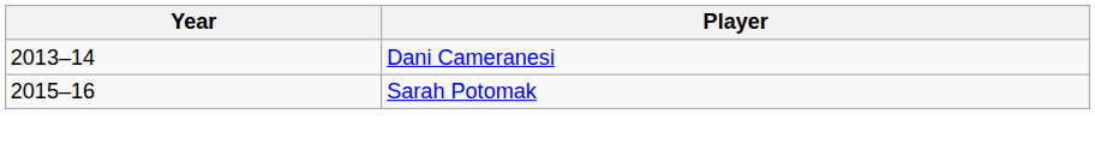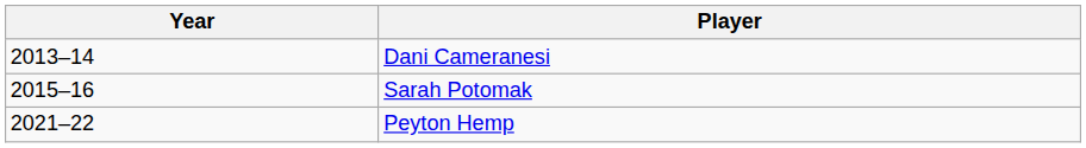 <table class="wikitable" style="width: 50em">
 <tr>
 <th>Year</th>
 <th>Player</th>
 </tr>
 <tr>
 <td>2013–14</td>
 <td><a href='#'>Dani Cameranesi</a></td>
 </tr>
 <tr>
 <td>2015–16</td>
 <td><a href='#'>Sarah Potomak</a></td>
 </tr>
+<tr>
+<td>2021–22</td>
+<td><a href='#'>Peyton Hemp</a></td>
+</tr>
 </table>
